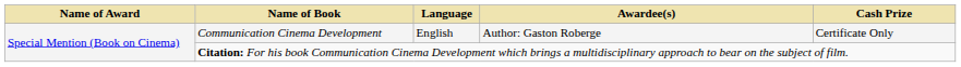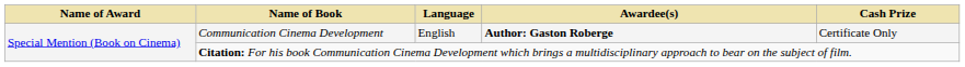 <table class="wikitable" style="width:100%;">
 <tr style="background-color:#F4F4F4">
 <th style="background-color:#EFE4B0;width:20%;">Name of Award</th>
 <th style="background-color:#EFE4B0;width:23%;">Name of Book</th>
 <th style="background-color:#EFE4B0;width:7%;">Language</th>
 <th style="background-color:#EFE4B0;width:35%;">Awardee(s)</th>
 <th style="background-color:#EFE4B0;width:15%;">Cash Prize</th>
 </tr>
 <tr style="background-color:#F4F4F4">
 <td rowspan="2"><a href='#'>Special Mention (Book on Cinema)</a></td>
 <td><em>Communication Cinema Development</em></td>
 <td>English</td>
-<td>Author: Gaston Roberge</td>
+<td><strong>Author: Gaston Roberge</strong></td>
 <td>Certificate Only</td>
 </tr>
 <tr style="background-color:#F9F9F9">
 <td colspan="4"><strong>Citation:</strong> <em>For his book Communication Cinema Development which brings a multidisciplinary approach to bear on the subject of film.</em></td>
 </tr>
 </table>
